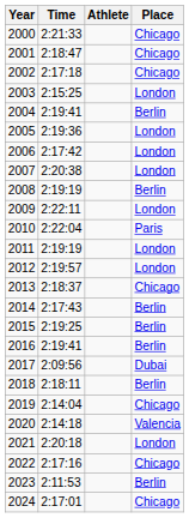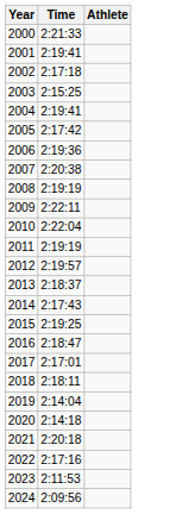 <table class="wikitable sortable" style="display:inline-table;">
 <tr>
 <th>Year</th>
 <th>Time</th>
 <th>Athlete</th>
-<th>Place</th>
 </tr>
 <tr>
 <td>2000</td>
 <td>2:21:33</td>
 <td></td>
-<td><a href='#'>Chicago</a></td>
 </tr>
 <tr>
 <td>2001</td>
-<td>2:18:47</td>
+<td>2:19:41</td>
 <td></td>
-<td><a href='#'>Chicago</a></td>
 </tr>
 <tr>
 <td>2002</td>
 <td>2:17:18</td>
 <td></td>
-<td><a href='#'>Chicago</a></td>
 </tr>
 <tr>
 <td>2003</td>
 <td>2:15:25</td>
 <td></td>
-<td><a href='#'>London</a></td>
 </tr>
 <tr>
 <td>2004</td>
 <td>2:19:41</td>
 <td></td>
-<td><a href='#'>Berlin</a></td>
 </tr>
 <tr>
 <td>2005</td>
-<td>2:19:36</td>
+<td>2:17:42</td>
 <td></td>
-<td><a href='#'>London</a></td>
 </tr>
 <tr>
 <td>2006</td>
-<td>2:17:42</td>
+<td>2:19:36</td>
 <td></td>
-<td><a href='#'>London</a></td>
 </tr>
 <tr>
 <td>2007</td>
 <td>2:20:38</td>
 <td></td>
-<td><a href='#'>London</a></td>
 </tr>
 <tr>
 <td>2008</td>
 <td>2:19:19</td>
 <td></td>
-<td><a href='#'>Berlin</a></td>
 </tr>
 <tr>
 <td>2009</td>
 <td>2:22:11</td>
 <td></td>
-<td><a href='#'>London</a></td>
 </tr>
 <tr>
 <td>2010</td>
 <td>2:22:04</td>
 <td></td>
-<td><a href='#'>Paris</a></td>
 </tr>
 <tr>
 <td>2011</td>
 <td>2:19:19</td>
 <td></td>
-<td><a href='#'>London</a></td>
 </tr>
 <tr>
 <td>2012</td>
 <td>2:19:57</td>
 <td></td>
-<td><a href='#'>London</a></td>
 </tr>
 <tr>
 <td>2013</td>
 <td>2:18:37</td>
 <td></td>
-<td><a href='#'>Chicago</a></td>
 </tr>
 <tr>
 <td>2014</td>
 <td>2:17:43</td>
 <td></td>
-<td><a href='#'>Berlin</a></td>
 </tr>
 <tr>
 <td>2015</td>
 <td>2:19:25</td>
 <td></td>
-<td><a href='#'>Berlin</a></td>
 </tr>
 <tr>
 <td>2016</td>
-<td>2:19:41</td>
+<td>2:18:47</td>
 <td></td>
-<td><a href='#'>Berlin</a></td>
 </tr>
 <tr>
 <td>2017</td>
-<td>2:09:56</td>
+<td>2:17:01</td>
 <td></td>
-<td><a href='#'>Dubai</a></td>
 </tr>
 <tr>
 <td>2018</td>
 <td>2:18:11</td>
 <td></td>
-<td><a href='#'>Berlin</a></td>
 </tr>
 <tr>
 <td>2019</td>
 <td>2:14:04</td>
 <td></td>
-<td><a href='#'>Chicago</a></td>
 </tr>
 <tr>
 <td>2020</td>
 <td>2:14:18</td>
 <td></td>
-<td><a href='#'>Valencia</a></td>
 </tr>
 <tr>
 <td>2021</td>
 <td>2:20:18</td>
 <td></td>
-<td><a href='#'>London</a></td>
 </tr>
 <tr>
 <td>2022</td>
 <td>2:17:16</td>
 <td></td>
-<td><a href='#'>Chicago</a></td>
 </tr>
 <tr>
 <td>2023</td>
 <td>2:11:53</td>
 <td></td>
-<td><a href='#'>Berlin</a></td>
 </tr>
 <tr>
 <td>2024</td>
-<td>2:17:01</td>
+<td>2:09:56</td>
 <td></td>
-<td><a href='#'>Chicago</a></td>
 </tr>
 </table>
